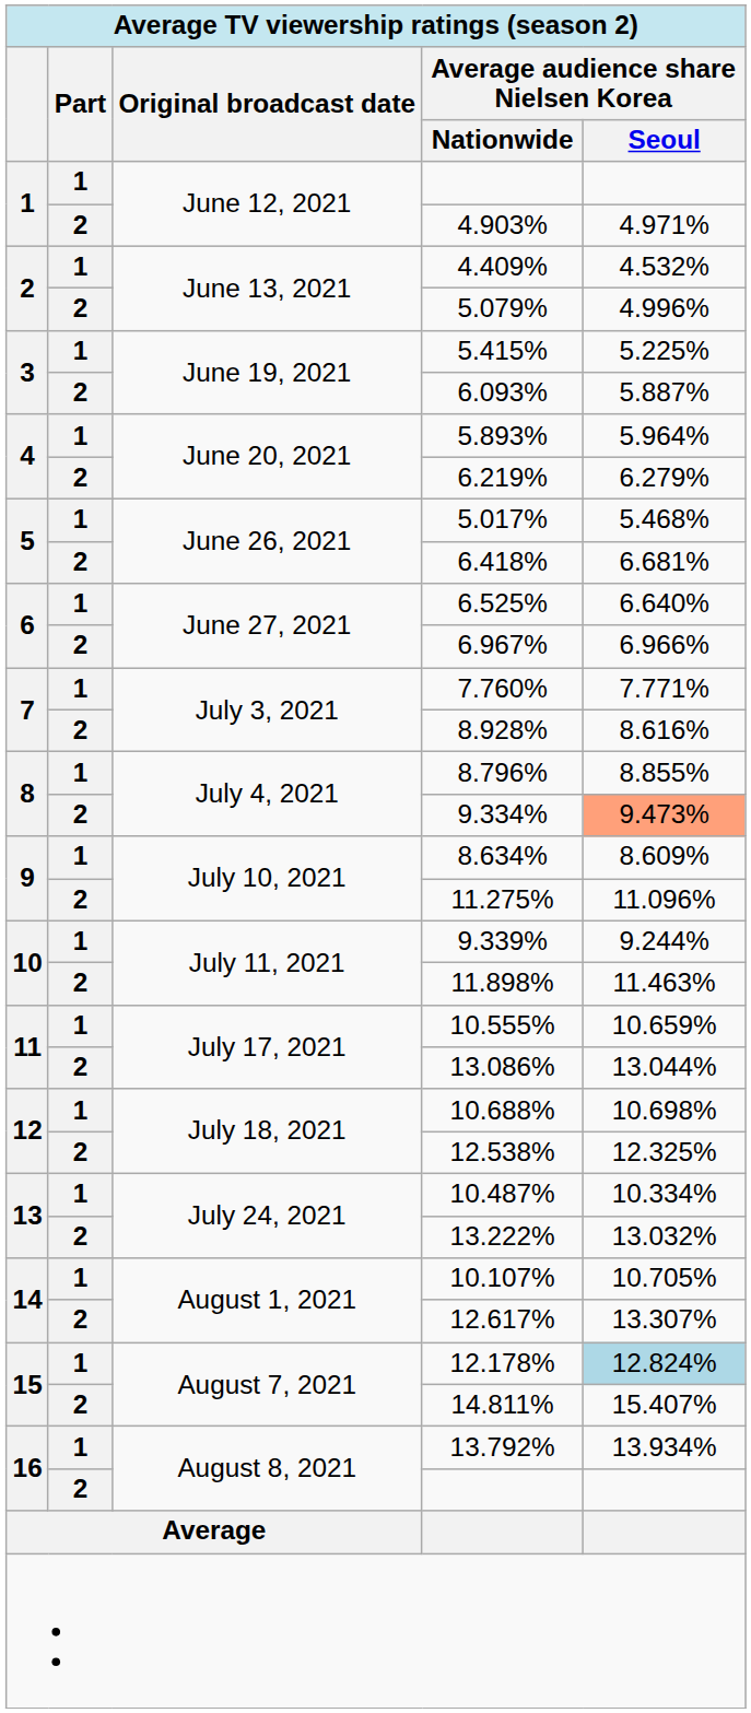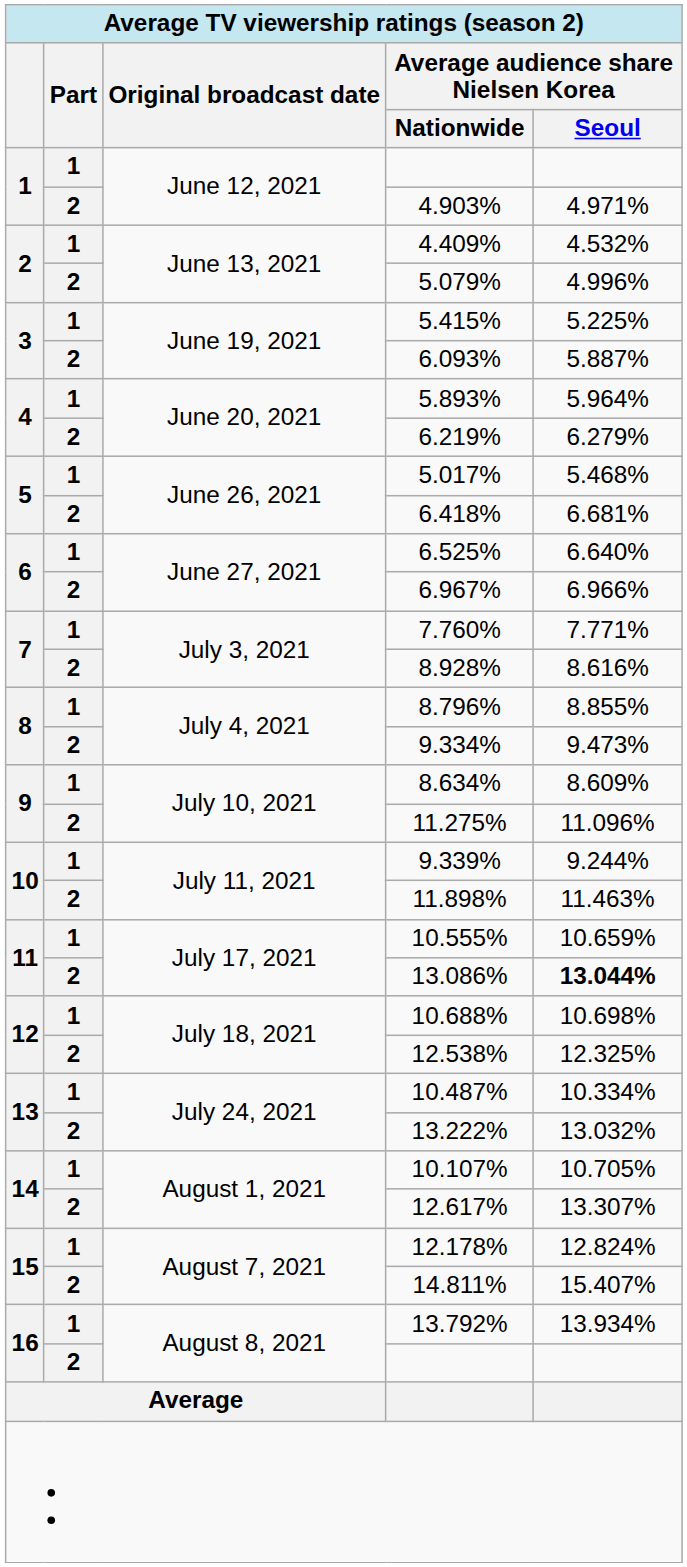 <table role="presentation" class="wikitable mw-collapsible mw-collapsed innercollapse" style="text-align:center;max-width:500px; margin-left: auto; margin-right: auto; border: none;">
 <tr>
 <th colspan="6" style="background:#C4E7F0; text-align:center">Average TV viewership ratings (season 2)</th>
 </tr>
 <tr>
 <th rowspan="2"></th>
 <th rowspan="2">Part</th>
 <th rowspan="2">Original broadcast date</th>
 <th colspan="2">Average audience share<br> Nielsen Korea</th>
 </tr>
 <tr>
 <th width="90">Nationwide</th>
 <th width="90"><a href='#'>Seoul</a></th>
 </tr>
 <tr>
 <th rowspan="2">1</th>
 <th>1</th>
 <td rowspan="2">June 12, 2021</td>
 <td> </td>
 <td> </td>
 </tr>
 <tr>
 <th>2</th>
 <td>4.903% </td>
 <td>4.971% </td>
 </tr>
 <tr>
 <th rowspan="2">2</th>
 <th>1</th>
 <td rowspan="2">June 13, 2021</td>
 <td>4.409% </td>
 <td>4.532% </td>
 </tr>
 <tr>
 <th>2</th>
 <td>5.079% </td>
 <td>4.996% </td>
 </tr>
 <tr>
 <th rowspan="2">3</th>
 <th>1</th>
 <td rowspan="2">June 19, 2021</td>
 <td>5.415% </td>
 <td>5.225% </td>
 </tr>
 <tr>
 <th>2</th>
 <td>6.093% </td>
 <td>5.887% </td>
 </tr>
 <tr>
 <th rowspan="2">4</th>
 <th>1</th>
 <td rowspan="2">June 20, 2021</td>
 <td>5.893% </td>
 <td>5.964% </td>
 </tr>
 <tr>
 <th>2</th>
 <td>6.219% </td>
 <td>6.279% </td>
 </tr>
 <tr>
 <th rowspan="2">5</th>
 <th>1</th>
 <td rowspan="2">June 26, 2021</td>
 <td>5.017% </td>
 <td>5.468% </td>
 </tr>
 <tr>
 <th>2</th>
 <td>6.418% </td>
 <td>6.681% </td>
 </tr>
 <tr>
 <th rowspan="2">6</th>
 <th>1</th>
 <td rowspan="2">June 27, 2021</td>
 <td>6.525% </td>
 <td>6.640% </td>
 </tr>
 <tr>
 <th>2</th>
 <td>6.967% </td>
 <td>6.966% </td>
 </tr>
 <tr>
 <th rowspan="2">7</th>
 <th>1</th>
 <td rowspan="2">July 3, 2021</td>
 <td>7.760% </td>
 <td>7.771% </td>
 </tr>
 <tr>
 <th>2</th>
 <td>8.928%</td>
 <td>8.616%</td>
 </tr>
 <tr>
 <th rowspan="2">8</th>
 <th>1</th>
 <td rowspan="2">July 4, 2021</td>
 <td>8.796%</td>
 <td>8.855%</td>
 </tr>
 <tr>
 <th>2</th>
 <td>9.334% </td>
-<td style="background: lightsalmon;">9.473% </td>
+<td>9.473% </td>
 </tr>
 <tr>
 <th rowspan="2">9</th>
 <th>1</th>
 <td rowspan="2">July 10, 2021</td>
 <td>8.634% </td>
 <td>8.609% </td>
 </tr>
 <tr>
 <th>2</th>
 <td>11.275% </td>
 <td>11.096% </td>
 </tr>
 <tr>
 <th rowspan="2">10</th>
 <th>1</th>
 <td rowspan="2">July 11, 2021</td>
 <td>9.339% </td>
 <td>9.244% </td>
 </tr>
 <tr>
 <th>2</th>
 <td>11.898% </td>
 <td>11.463% </td>
 </tr>
 <tr>
 <th rowspan="2">11</th>
 <th>1</th>
 <td rowspan="2">July 17, 2021</td>
 <td>10.555% </td>
 <td>10.659% </td>
 </tr>
 <tr>
 <th>2</th>
 <td>13.086% </td>
-<td>13.044% </td>
+<td><strong>13.044% </strong></td>
 </tr>
 <tr>
 <th rowspan="2">12</th>
 <th>1</th>
 <td rowspan="2">July 18, 2021</td>
 <td>10.688% </td>
 <td>10.698% </td>
 </tr>
 <tr>
 <th>2</th>
 <td>12.538% </td>
 <td>12.325% </td>
 </tr>
 <tr>
 <th rowspan="2">13</th>
 <th>1</th>
 <td rowspan="2">July 24, 2021</td>
 <td>10.487% </td>
 <td>10.334% </td>
 </tr>
 <tr>
 <th>2</th>
 <td>13.222% </td>
 <td>13.032% </td>
 </tr>
 <tr>
 <th rowspan="2">14</th>
 <th>1</th>
 <td rowspan="2">August 1, 2021</td>
 <td>10.107% </td>
 <td>10.705% </td>
 </tr>
 <tr>
 <th>2</th>
 <td>12.617% </td>
 <td>13.307% </td>
 </tr>
 <tr>
 <th rowspan="2">15</th>
 <th>1</th>
 <td rowspan="2">August 7, 2021</td>
 <td>12.178% </td>
-<td style="background: lightblue;">12.824% </td>
+<td>12.824% </td>
 </tr>
 <tr>
 <th>2</th>
 <td>14.811% </td>
 <td>15.407% </td>
 </tr>
 <tr>
 <th rowspan="2">16</th>
 <th>1</th>
 <td rowspan="2">August 8, 2021</td>
 <td>13.792% </td>
 <td>13.934% </td>
 </tr>
 <tr>
 <th>2</th>
 <td><strong></strong></td>
 <td><strong></strong></td>
 </tr>
 <tr>
 <th colspan="3">Average</th>
 <th></th>
 <th></th>
 </tr>
 <tr>
 <td colspan="5"><br><ul><li></li><li></li></ul></td>
 </tr>
 </table>
